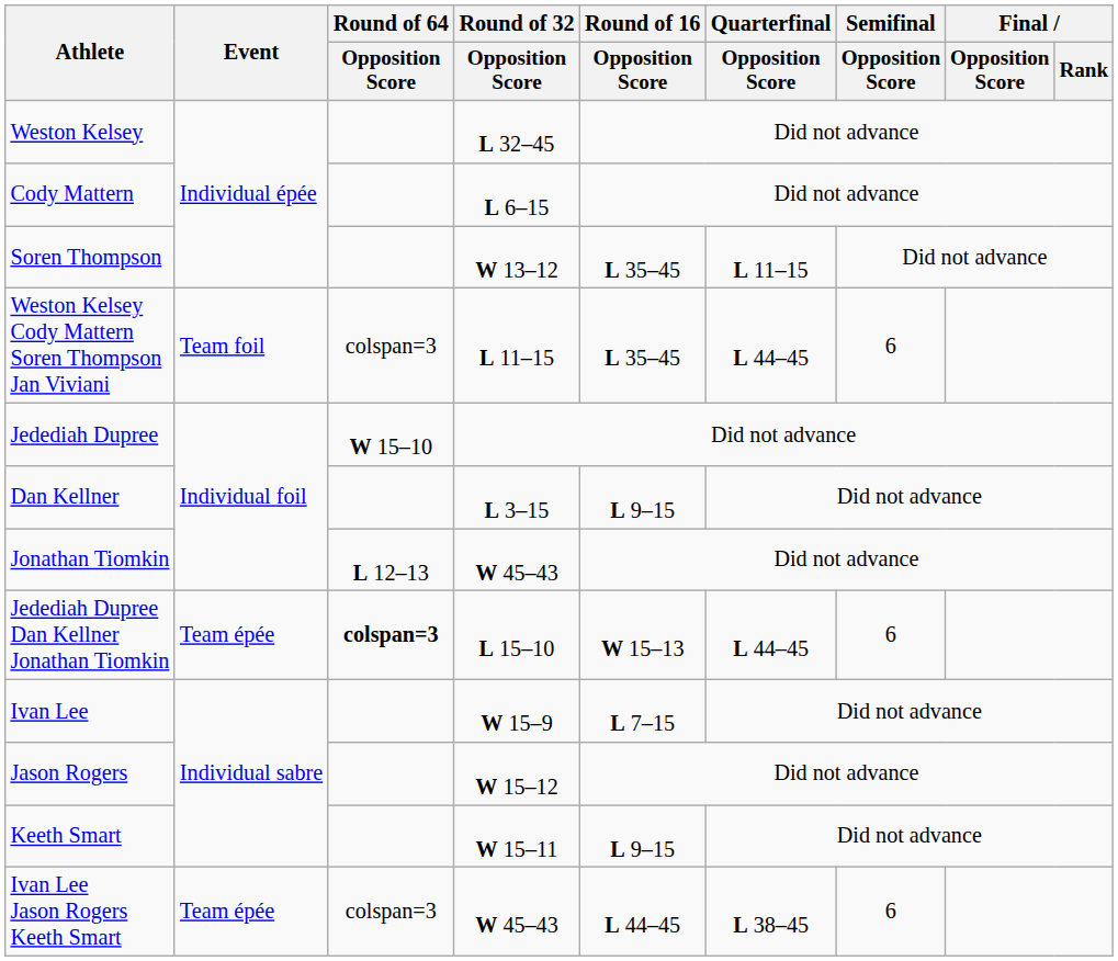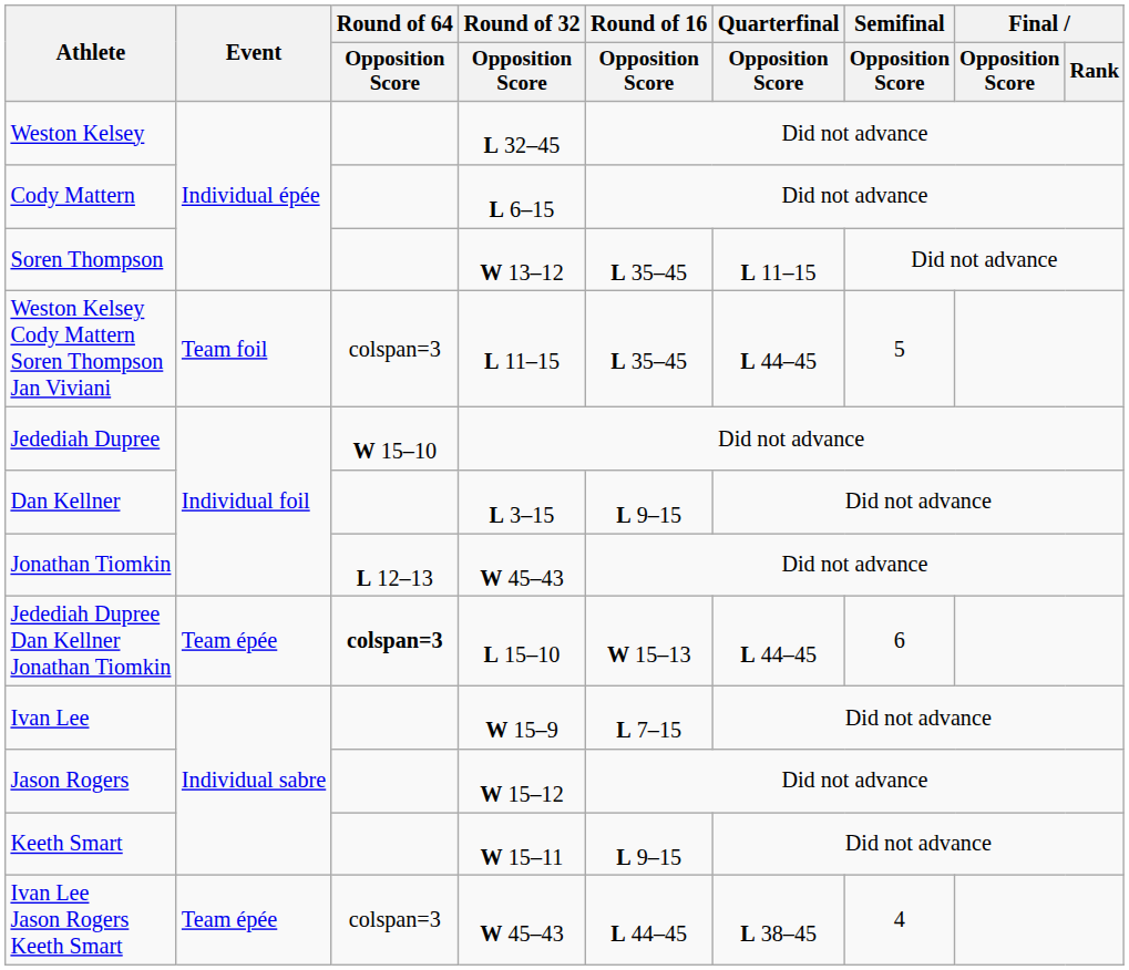 <table class=wikitable style=font-size:90%;text-align:center>
 <tr>
 <th rowspan=2>Athlete</th>
 <th rowspan=2>Event</th>
 <th>Round of 64</th>
 <th>Round of 32</th>
 <th>Round of 16</th>
 <th>Quarterfinal</th>
 <th>Semifinal</th>
 <th colspan=2>Final / </th>
 </tr>
 <tr style=font-size:95%>
 <th>Opposition <br> Score</th>
 <th>Opposition <br> Score</th>
 <th>Opposition <br> Score</th>
 <th>Opposition <br> Score</th>
 <th>Opposition <br> Score</th>
 <th>Opposition <br> Score</th>
 <th>Rank</th>
 </tr>
 <tr>
 <td align=left><a href='#'>Weston Kelsey</a></td>
 <td align=left rowspan=3><a href='#'>Individual épée</a></td>
 <td></td>
 <td><br><strong>L</strong> 32–45</td>
 <td colspan=5>Did not advance</td>
 </tr>
 <tr>
 <td align=left><a href='#'>Cody Mattern</a></td>
 <td></td>
 <td><br><strong>L</strong> 6–15</td>
 <td colspan=5>Did not advance</td>
 </tr>
 <tr>
 <td align=left><a href='#'>Soren Thompson</a></td>
 <td></td>
 <td><br><strong>W</strong> 13–12</td>
 <td><br><strong>L</strong> 35–45</td>
 <td><br><strong>L</strong> 11–15</td>
 <td colspan=3>Did not advance</td>
 </tr>
 <tr>
 <td align=left><a href='#'>Weston Kelsey</a><br><a href='#'>Cody Mattern</a><br><a href='#'>Soren Thompson</a><br><a href='#'>Jan Viviani</a></td>
 <td align=left><a href='#'>Team foil</a></td>
 <td>colspan=3 </td>
 <td><br><strong>L</strong> 11–15</td>
 <td><br><strong>L</strong> 35–45</td>
 <td><br><strong>L</strong> 44–45</td>
-<td>6</td>
+<td>5</td>
 </tr>
 <tr>
 <td align=left><a href='#'>Jedediah Dupree</a></td>
 <td align=left rowspan=3><a href='#'>Individual foil</a></td>
 <td><br><strong>W</strong> 15–10</td>
 <td colspan=6>Did not advance</td>
 </tr>
 <tr>
 <td align=left><a href='#'>Dan Kellner</a></td>
 <td></td>
 <td><br><strong>L</strong> 3–15</td>
 <td><br><strong>L</strong> 9–15</td>
 <td colspan=4>Did not advance</td>
 </tr>
 <tr>
 <td align=left><a href='#'>Jonathan Tiomkin</a></td>
 <td><br><strong>L</strong> 12–13</td>
 <td><br><strong>W</strong> 45–43</td>
 <td colspan=5>Did not advance</td>
 </tr>
 <tr>
 <td align=left><a href='#'>Jedediah Dupree</a><br><a href='#'>Dan Kellner</a><br><a href='#'>Jonathan Tiomkin</a></td>
 <td align=left><a href='#'>Team épée</a></td>
 <td><strong>colspan=3 </strong></td>
 <td><br><strong>L</strong> 15–10</td>
 <td><br><strong>W</strong> 15–13</td>
 <td><br><strong>L</strong> 44–45</td>
 <td>6</td>
 </tr>
 <tr>
 <td align=left><a href='#'>Ivan Lee</a></td>
 <td align=left rowspan=3><a href='#'>Individual sabre</a></td>
 <td></td>
 <td><br><strong>W</strong> 15–9</td>
 <td><br><strong>L</strong> 7–15</td>
 <td colspan=4>Did not advance</td>
 </tr>
 <tr>
 <td align=left><a href='#'>Jason Rogers</a></td>
 <td></td>
 <td><br><strong>W</strong> 15–12</td>
 <td colspan=5>Did not advance</td>
 </tr>
 <tr>
 <td align=left><a href='#'>Keeth Smart</a></td>
 <td></td>
 <td><br><strong>W</strong> 15–11</td>
 <td><br><strong>L</strong> 9–15</td>
 <td colspan=4>Did not advance</td>
 </tr>
 <tr>
 <td align=left><a href='#'>Ivan Lee</a><br><a href='#'>Jason Rogers</a><br><a href='#'>Keeth Smart</a></td>
 <td align=left><a href='#'>Team épée</a></td>
 <td>colspan=3 </td>
 <td><br><strong>W</strong> 45–43</td>
 <td><br><strong>L</strong> 44–45</td>
 <td><br><strong>L</strong> 38–45</td>
-<td>6</td>
+<td>4</td>
 </tr>
 </table>
